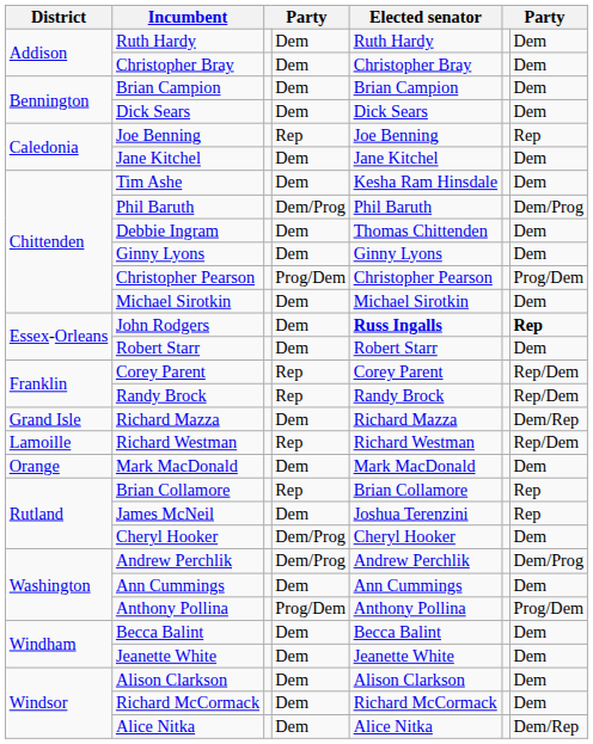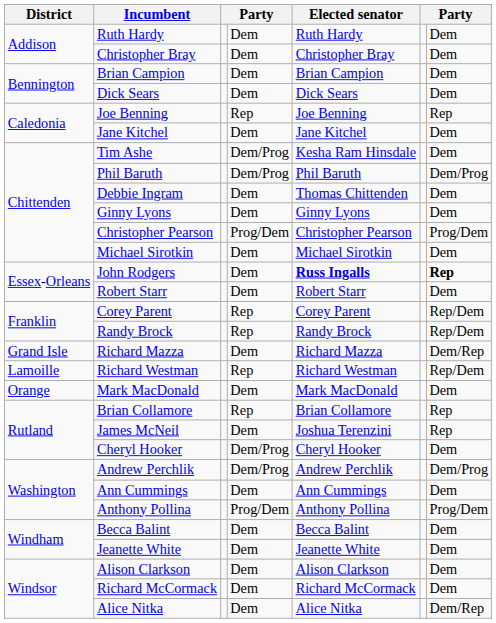 <table class=wikitable style="font-size:95%;line-height:14px;">
 <tr>
 <th>District</th>
 <th><a href='#'>Incumbent</a></th>
 <th colspan=2>Party</th>
 <th class="unsortable">Elected senator</th>
 <th colspan=2>Party</th>
 </tr>
 <tr>
 <td rowspan=2><a href='#'>Addison</a></td>
 <td><a href='#'>Ruth Hardy</a></td>
 <td style="background:"></td>
 <td>Dem</td>
 <td><a href='#'>Ruth Hardy</a></td>
 <td style="background:"></td>
 <td>Dem</td>
 </tr>
 <tr>
 <td><a href='#'>Christopher Bray</a></td>
 <td style="background:"></td>
 <td>Dem</td>
 <td><a href='#'>Christopher Bray</a></td>
 <td style="background:"></td>
 <td>Dem</td>
 </tr>
 <tr>
 <td rowspan=2><a href='#'>Bennington</a></td>
 <td><a href='#'>Brian Campion</a></td>
 <td style="background:"></td>
 <td>Dem</td>
 <td><a href='#'>Brian Campion</a></td>
 <td style="background:"></td>
 <td>Dem</td>
 </tr>
 <tr>
 <td><a href='#'>Dick Sears</a></td>
 <td style="background:"></td>
 <td>Dem</td>
 <td><a href='#'>Dick Sears</a></td>
 <td style="background:"></td>
 <td>Dem</td>
 </tr>
 <tr>
 <td rowspan=2><a href='#'>Caledonia</a></td>
 <td><a href='#'>Joe Benning</a></td>
 <td style="background:"></td>
 <td>Rep</td>
 <td><a href='#'>Joe Benning</a></td>
 <td style="background:"></td>
 <td>Rep</td>
 </tr>
 <tr>
 <td><a href='#'>Jane Kitchel</a></td>
 <td style="background:"></td>
 <td>Dem</td>
 <td><a href='#'>Jane Kitchel</a></td>
 <td style="background:"></td>
 <td>Dem</td>
 </tr>
 <tr>
 <td rowspan=6><a href='#'>Chittenden</a></td>
 <td><a href='#'>Tim Ashe</a></td>
 <td style="background:"></td>
-<td>Dem</td>
+<td>Dem/Prog</td>
 <td><a href='#'>Kesha Ram Hinsdale</a></td>
 <td style="background:"></td>
 <td>Dem</td>
 </tr>
 <tr>
 <td><a href='#'>Phil Baruth</a></td>
 <td style="background:"></td>
 <td>Dem/Prog</td>
 <td><a href='#'>Phil Baruth</a></td>
 <td style="background:"></td>
 <td>Dem/Prog</td>
 </tr>
 <tr>
 <td><a href='#'>Debbie Ingram</a></td>
 <td style="background:"></td>
 <td>Dem</td>
 <td><a href='#'>Thomas Chittenden</a></td>
 <td style="background:"></td>
 <td>Dem</td>
 </tr>
 <tr>
 <td><a href='#'>Ginny Lyons</a></td>
 <td style="background:"></td>
 <td>Dem</td>
 <td><a href='#'>Ginny Lyons</a></td>
 <td style="background:"></td>
 <td>Dem</td>
 </tr>
 <tr>
 <td><a href='#'>Christopher Pearson</a></td>
 <td style="background:"></td>
 <td>Prog/Dem</td>
 <td><a href='#'>Christopher Pearson</a></td>
 <td style="background:"></td>
 <td>Prog/Dem</td>
 </tr>
 <tr>
 <td><a href='#'>Michael Sirotkin</a></td>
 <td style="background:"></td>
 <td>Dem</td>
 <td><a href='#'>Michael Sirotkin</a></td>
 <td style="background:"></td>
 <td>Dem</td>
 </tr>
 <tr>
 <td rowspan=2><a href='#'>Essex</a>-<a href='#'>Orleans</a></td>
 <td><a href='#'>John Rodgers</a></td>
 <td style="background:"></td>
 <td>Dem</td>
 <td><strong><a href='#'>Russ Ingalls</a></strong></td>
 <td style="background:"></td>
 <td><strong>Rep</strong></td>
 </tr>
 <tr>
 <td><a href='#'>Robert Starr</a></td>
 <td style="background:"></td>
 <td>Dem</td>
 <td><a href='#'>Robert Starr</a></td>
 <td style="background:"></td>
 <td>Dem</td>
 </tr>
 <tr>
 <td rowspan=2><a href='#'>Franklin</a></td>
 <td><a href='#'>Corey Parent</a></td>
 <td style="background:"></td>
 <td>Rep</td>
 <td><a href='#'>Corey Parent</a></td>
 <td style="background:"></td>
 <td>Rep/Dem</td>
 </tr>
 <tr>
 <td><a href='#'>Randy Brock</a></td>
 <td style="background:"></td>
 <td>Rep</td>
 <td><a href='#'>Randy Brock</a></td>
 <td style="background:"></td>
 <td>Rep/Dem</td>
 </tr>
 <tr>
 <td><a href='#'>Grand Isle</a></td>
 <td><a href='#'>Richard Mazza</a></td>
 <td style="background:"></td>
 <td>Dem</td>
 <td><a href='#'>Richard Mazza</a></td>
 <td style="background:"></td>
 <td>Dem/Rep</td>
 </tr>
 <tr>
 <td><a href='#'>Lamoille</a></td>
 <td><a href='#'>Richard Westman</a></td>
 <td style="background:"></td>
 <td>Rep</td>
 <td><a href='#'>Richard Westman</a></td>
 <td style="background:"></td>
 <td>Rep/Dem</td>
 </tr>
 <tr>
 <td><a href='#'>Orange</a></td>
 <td><a href='#'>Mark MacDonald</a></td>
 <td style="background:"></td>
 <td>Dem</td>
 <td><a href='#'>Mark MacDonald</a></td>
 <td style="background:"></td>
 <td>Dem</td>
 </tr>
 <tr>
 <td rowspan=3><a href='#'>Rutland</a></td>
 <td><a href='#'>Brian Collamore</a></td>
 <td style="background:"></td>
 <td>Rep</td>
 <td><a href='#'>Brian Collamore</a></td>
 <td style="background:"></td>
 <td>Rep</td>
 </tr>
 <tr>
 <td><a href='#'>James McNeil</a></td>
 <td style="background:"></td>
 <td>Dem</td>
 <td><a href='#'>Joshua Terenzini</a></td>
 <td style="background:"></td>
 <td>Rep</td>
 </tr>
 <tr>
 <td><a href='#'>Cheryl Hooker</a></td>
 <td style="background:"></td>
 <td>Dem/Prog</td>
 <td><a href='#'>Cheryl Hooker</a></td>
 <td style="background:"></td>
 <td>Dem</td>
 </tr>
 <tr>
 <td rowspan=3><a href='#'>Washington</a></td>
 <td><a href='#'>Andrew Perchlik</a></td>
 <td style="background:"></td>
 <td>Dem/Prog</td>
 <td><a href='#'>Andrew Perchlik</a></td>
 <td style="background:"></td>
 <td>Dem/Prog</td>
 </tr>
 <tr>
 <td><a href='#'>Ann Cummings</a></td>
 <td style="background:"></td>
 <td>Dem</td>
 <td><a href='#'>Ann Cummings</a></td>
 <td style="background:"></td>
 <td>Dem</td>
 </tr>
 <tr>
 <td><a href='#'>Anthony Pollina</a></td>
 <td style="background:"></td>
 <td>Prog/Dem</td>
 <td><a href='#'>Anthony Pollina</a></td>
 <td style="background:"></td>
 <td>Prog/Dem</td>
 </tr>
 <tr>
 <td rowspan=2><a href='#'>Windham</a></td>
 <td><a href='#'>Becca Balint</a></td>
 <td style="background:"></td>
 <td>Dem</td>
 <td><a href='#'>Becca Balint</a></td>
 <td style="background:"></td>
 <td>Dem</td>
 </tr>
 <tr>
 <td><a href='#'>Jeanette White</a></td>
 <td style="background:"></td>
 <td>Dem</td>
 <td><a href='#'>Jeanette White</a></td>
 <td style="background:"></td>
 <td>Dem</td>
 </tr>
 <tr>
 <td rowspan=3><a href='#'>Windsor</a></td>
 <td><a href='#'>Alison Clarkson</a></td>
 <td style="background:"></td>
 <td>Dem</td>
 <td><a href='#'>Alison Clarkson</a></td>
 <td style="background:"></td>
 <td>Dem</td>
 </tr>
 <tr>
 <td><a href='#'>Richard McCormack</a></td>
 <td style="background:"></td>
 <td>Dem</td>
 <td><a href='#'>Richard McCormack</a></td>
 <td style="background:"></td>
 <td>Dem</td>
 </tr>
 <tr>
 <td><a href='#'>Alice Nitka</a></td>
 <td style="background:"></td>
 <td>Dem</td>
 <td><a href='#'>Alice Nitka</a></td>
 <td style="background:"></td>
 <td>Dem/Rep</td>
 </tr>
 </table>
